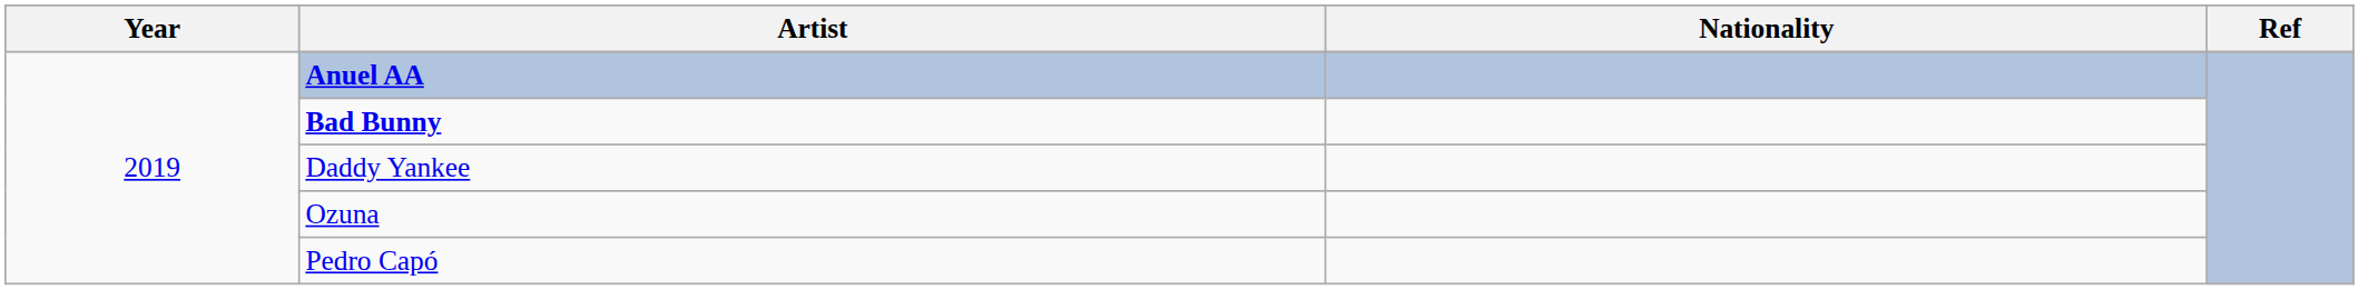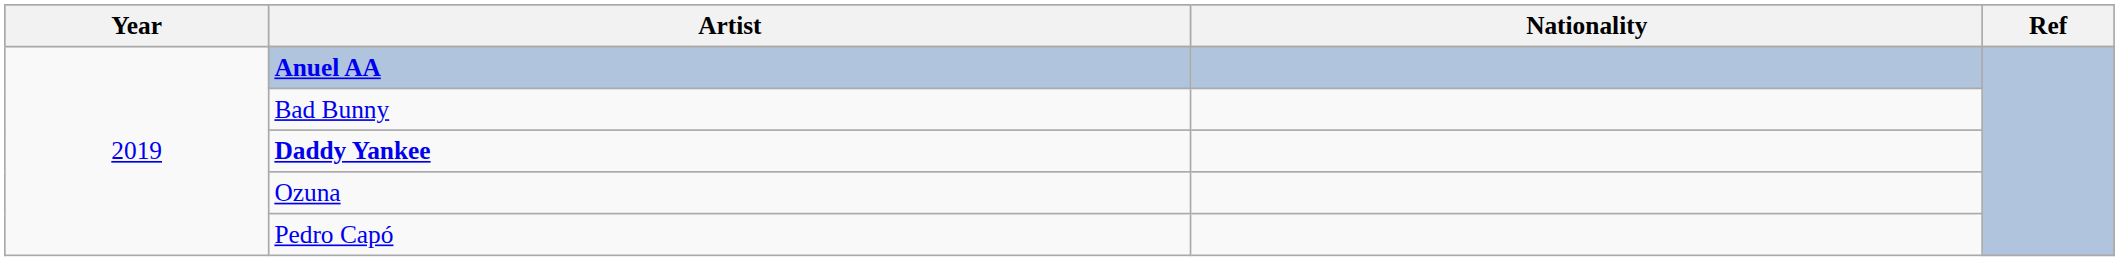 <table class="wikitable sortable plainrowheaders" style="font-size:95%; width:100%;">
 <tr style="background:#bebebe;">
 <th style="width:10%;">Year</th>
 <th style="width:35%;">Artist</th>
 <th style="width:30%;">Nationality</th>
 <th style="width:5%;">Ref</th>
 </tr>
 <tr>
 <td rowspan="6" align="center"><a href='#'>2019</a></td>
 </tr>
 <tr style="background:#B0C4DE">
 <td><strong><a href='#'>Anuel AA</a></strong></td>
 <td><strong></strong></td>
 <td rowspan="6" align="center"></td>
 </tr>
 <tr>
-<td><strong><a href='#'>Bad Bunny</a></strong></td>
+<td><a href='#'>Bad Bunny</a></td>
 <td></td>
 </tr>
 <tr>
-<td><a href='#'>Daddy Yankee</a></td>
+<td><strong><a href='#'>Daddy Yankee</a></strong></td>
 <td></td>
 </tr>
 <tr>
 <td><a href='#'>Ozuna</a></td>
 <td></td>
 </tr>
 <tr>
 <td><a href='#'>Pedro Capó</a></td>
 <td></td>
 </tr>
 </table>
